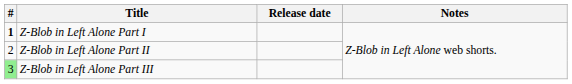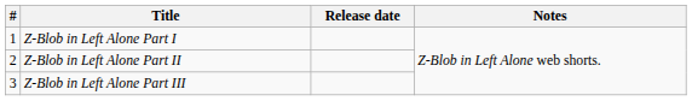 <table class="wikitable sortable">
 <tr>
 <th width=10>#</th>
 <th width=321>Title</th>
 <th width=110>Release date</th>
 <th width=300>Notes</th>
 </tr>
 <tr>
-<td align="center"><strong>1</strong></td>
+<td align="center">1</td>
 <td><em>Z-Blob in Left Alone Part I</em></td>
 <td align="right"></td>
 <td rowspan="3"><em>Z-Blob in Left Alone</em> web shorts.</td>
 </tr>
 <tr>
 <td align="center">2</td>
 <td><em>Z-Blob in Left Alone Part II</em></td>
 <td align="right"></td>
 </tr>
 <tr>
-<td align="center" style="background: lightgreen;">3</td>
+<td align="center">3</td>
 <td><em>Z-Blob in Left Alone Part III</em></td>
 <td align="right"></td>
 </tr>
 </table>
